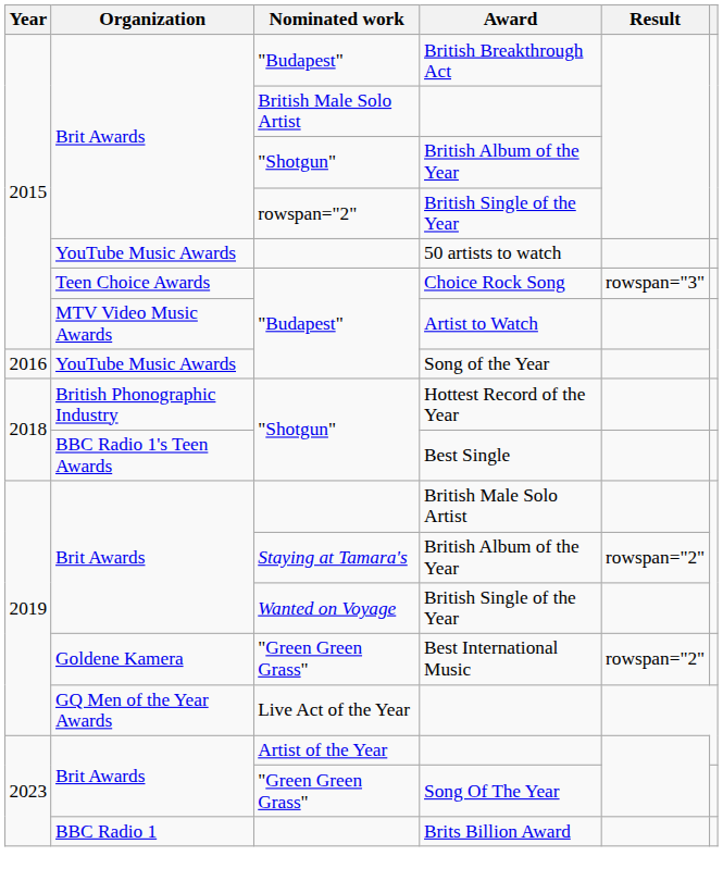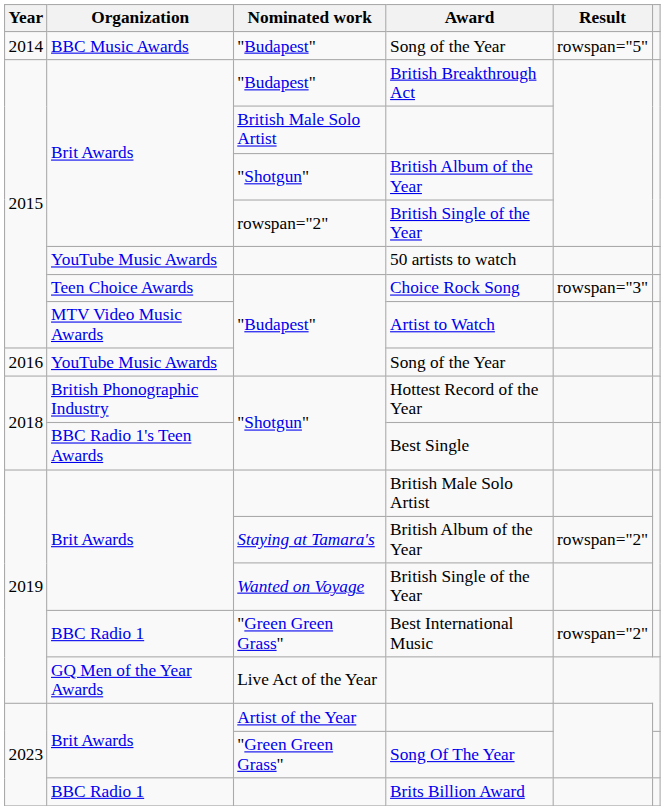 <table class="wikitable">
 <tr>
 <th>Year</th>
 <th>Organization</th>
 <th>Nominated work</th>
 <th>Award</th>
 <th>Result</th>
 <th></th>
+</tr>
+<tr>
+<td>2014</td>
+<td><a href='#'>BBC Music Awards</a></td>
+<td>"<a href='#'>Budapest</a>"</td>
+<td>Song of the Year</td>
+<td>rowspan="5" </td>
+<td style="text-align:center;"></td>
 </tr>
 <tr>
 <td rowspan="7">2015</td>
 <td rowspan="4"><a href='#'>Brit Awards</a></td>
 <td>"<a href='#'>Budapest</a>"</td>
 <td><a href='#'>British Breakthrough Act</a></td>
 <td style="text-align:center;" rowspan="4"></td>
 </tr>
 <tr>
 <td><a href='#'>British Male Solo Artist</a></td>
 </tr>
 <tr>
 <td>"<a href='#'>Shotgun</a>"</td>
 <td><a href='#'>British Album of the Year</a></td>
 </tr>
 <tr>
 <td>rowspan="2" </td>
 <td><a href='#'>British Single of the Year</a></td>
 </tr>
 <tr>
 <td><a href='#'>YouTube Music Awards</a></td>
 <td></td>
 <td>50 artists to watch</td>
 <td></td>
 <td style="text-align:center;"></td>
 </tr>
 <tr>
 <td><a href='#'>Teen Choice Awards</a></td>
 <td Rowspan="3">"<a href='#'>Budapest</a>"</td>
 <td><a href='#'>Choice Rock Song</a></td>
 <td>rowspan="3" </td>
 <td style="text-align:center;"></td>
 </tr>
 <tr>
 <td><a href='#'>MTV Video Music Awards</a></td>
 <td><a href='#'>Artist to Watch</a></td>
 <td style="text-align:center;"></td>
 </tr>
 <tr>
 <td>2016</td>
 <td><a href='#'>YouTube Music Awards</a></td>
 <td>Song of the Year</td>
 <td style="text-align:center;"></td>
 </tr>
 <tr>
 <td rowspan="2">2018</td>
 <td><a href='#'>British Phonographic Industry</a></td>
 <td rowspan="2">"<a href='#'>Shotgun</a>"</td>
 <td>Hottest Record of the Year</td>
 <td></td>
 <td style="text-align:center;"></td>
 </tr>
 <tr>
 <td><a href='#'>BBC Radio 1's Teen Awards</a></td>
 <td>Best Single</td>
 <td></td>
 <td></td>
 </tr>
 <tr>
 <td rowspan="5">2019</td>
 <td rowspan="3"><a href='#'>Brit Awards</a></td>
 <td></td>
 <td>British Male Solo Artist</td>
 <td></td>
 <td rowspan="3" style="text-align:center;"></td>
 </tr>
 <tr>
 <td><em><a href='#'>Staying at Tamara's</a></em></td>
 <td>British Album of the Year</td>
 <td>rowspan="2" </td>
 </tr>
 <tr>
 <td><em><a href='#'>Wanted on Voyage</a></em></td>
 <td>British Single of the Year</td>
 </tr>
 <tr>
-<td><a href='#'>Goldene Kamera</a></td>
+<td><a href='#'>BBC Radio 1</a></td>
 <td>"<a href='#'>Green Green Grass</a>"</td>
 <td>Best International Music</td>
 <td>rowspan="2" </td>
 <td></td>
 </tr>
 <tr>
 <td><a href='#'>GQ Men of the Year Awards</a></td>
 <td>Live Act of the Year</td>
 <td></td>
 </tr>
 <tr>
 <td rowspan=3>2023</td>
 <td rowspan=2><a href='#'>Brit Awards</a></td>
 <td><a href='#'>Artist of the Year</a></td>
 <td></td>
 <td rowspan=2></td>
 </tr>
 <tr>
 <td>"<a href='#'>Green Green Grass</a>"</td>
 <td><a href='#'>Song Of The Year</a></td>
 <td></td>
 </tr>
 <tr>
 <td><a href='#'>BBC Radio 1</a></td>
 <td></td>
 <td><a href='#'>Brits Billion Award</a></td>
 <td></td>
 <td></td>
 </tr>
 </table>
